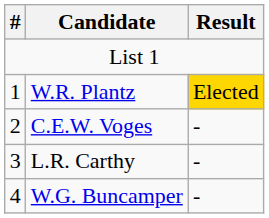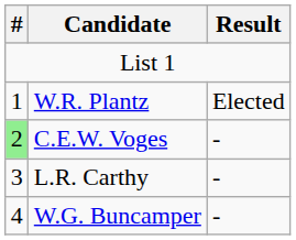 <table class="wikitable">
 <tr>
 <th>#</th>
 <th>Candidate</th>
 <th>Result</th>
 </tr>
 <tr>
 <td Colspan = "5" style="text-align:center;">List 1</td>
 </tr>
 <tr>
 <td>1</td>
 <td><a href='#'>W.R. Plantz</a></td>
-<td style="background: gold;">Elected</td>
+<td>Elected</td>
 </tr>
 <tr>
-<td>2</td>
+<td style="background: lightgreen;">2</td>
 <td><a href='#'>C.E.W. Voges</a></td>
 <td>-</td>
 </tr>
 <tr>
 <td>3</td>
 <td>L.R. Carthy</td>
 <td>-</td>
 </tr>
 <tr>
 <td>4</td>
 <td><a href='#'>W.G. Buncamper</a></td>
 <td>-</td>
 </tr>
 </table>
